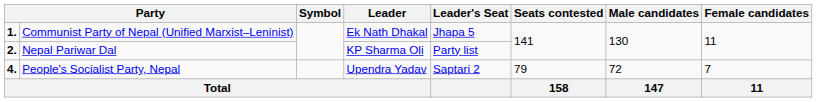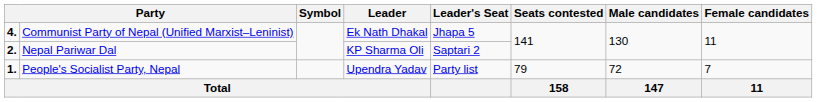 <table class="wikitable">
 <tr>
 <th colspan="2">Party</th>
 <th>Symbol</th>
 <th>Leader</th>
 <th>Leader's Seat</th>
 <th>Seats contested</th>
 <th>Male candidates</th>
 <th>Female candidates</th>
 </tr>
 <tr>
-<td style="text-align:center; background:"><strong>1.</strong></td>
+<td style="text-align:center; background:"><strong>4.</strong></td>
 <td><a href='#'>Communist Party of Nepal (Unified Marxist–Leninist)</a></td>
 <td rowspan="2"></td>
 <td><a href='#'>Ek Nath Dhakal</a></td>
 <td><a href='#'>Jhapa 5</a></td>
 <td rowspan="2">141</td>
 <td rowspan="2">130</td>
 <td rowspan="2">11</td>
 </tr>
 <tr>
 <td style="text-align:center; background:"><strong>2.</strong></td>
 <td><a href='#'>Nepal Pariwar Dal</a></td>
 <td><a href='#'>KP Sharma Oli</a></td>
-<td><a href='#'>Party list</a></td>
+<td><a href='#'>Saptari 2</a></td>
 </tr>
 <tr>
-<td style="text-align:center; background:"><strong>4.</strong></td>
+<td style="text-align:center; background:"><strong>1.</strong></td>
 <td><a href='#'>People's Socialist Party, Nepal</a></td>
 <td></td>
 <td><a href='#'>Upendra Yadav</a></td>
-<td><a href='#'>Saptari 2</a></td>
+<td><a href='#'>Party list</a></td>
 <td>79</td>
 <td>72</td>
 <td>7</td>
 </tr>
 <tr>
 <th colspan="4">Total</th>
 <th></th>
 <th>158</th>
 <th>147</th>
 <th>11</th>
 </tr>
 </table>
